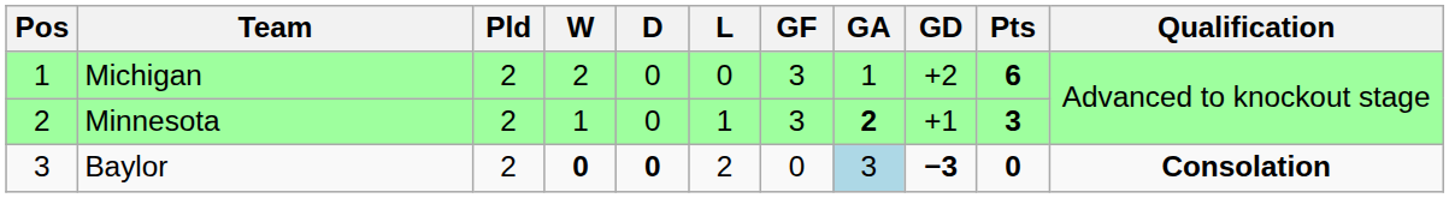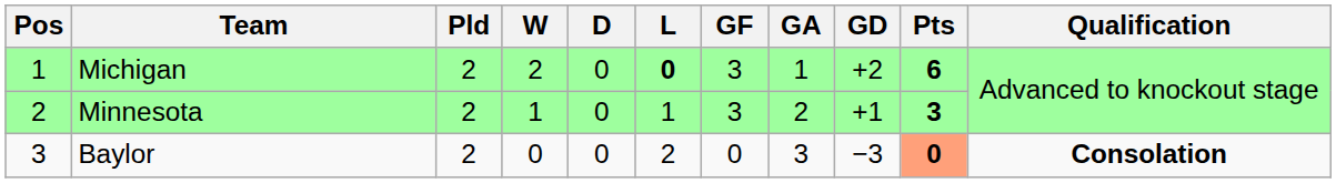 <table class="wikitable" style="text-align:center; margin: 1em auto">
 <tr>
 <th style=width:2em>Pos</th>
 <th style=width:13em>Team</th>
 <th style=width:2em>Pld</th>
 <th style=width:2em>W</th>
 <th style=width:2em>D</th>
 <th style=width:2em>L</th>
 <th style=width:2em>GF</th>
 <th style=width:2em>GA</th>
 <th style=width:2em>GD</th>
 <th style=width:2em>Pts</th>
 <th style=width:13em>Qualification</th>
 </tr>
 <tr bgcolor="#9eff9e">
 <td>1</td>
 <td style="text-align:left">Michigan</td>
 <td>2</td>
 <td>2</td>
 <td>0</td>
-<td>0</td>
+<td><strong>0</strong></td>
 <td>3</td>
 <td>1</td>
 <td>+2</td>
 <td><strong>6</strong></td>
 <td rowspan="2">Advanced to knockout stage</td>
 </tr>
 <tr bgcolor="#9eff9e">
 <td>2</td>
 <td style="text-align:left">Minnesota</td>
 <td>2</td>
 <td>1</td>
 <td>0</td>
 <td>1</td>
 <td>3</td>
-<td><strong>2</strong></td>
+<td>2</td>
 <td>+1</td>
 <td><strong>3</strong></td>
 </tr>
 <tr>
 <td>3</td>
 <td style="text-align:left">Baylor</td>
 <td>2</td>
-<td><strong>0</strong></td>
-<td><strong>0</strong></td>
+<td>0</td>
+<td>0</td>
 <td>2</td>
 <td>0</td>
-<td style="background: lightblue;">3</td>
-<td><strong>−3</strong></td>
-<td><strong>0</strong></td>
+<td>3</td>
+<td>−3</td>
+<td style="background: lightsalmon;"><strong>0</strong></td>
 <td><strong>Consolation</strong></td>
 </tr>
 </table>
